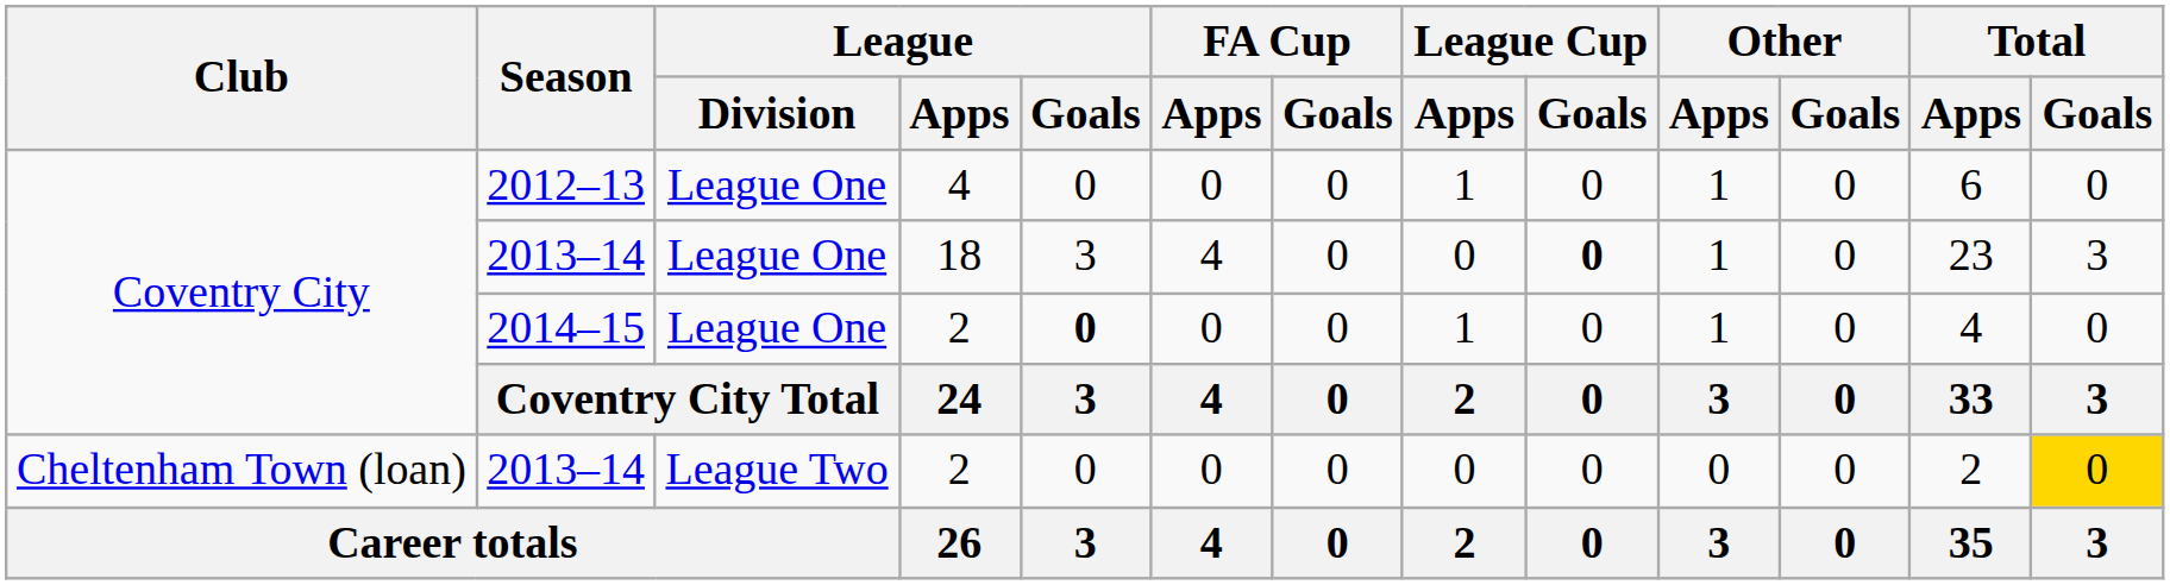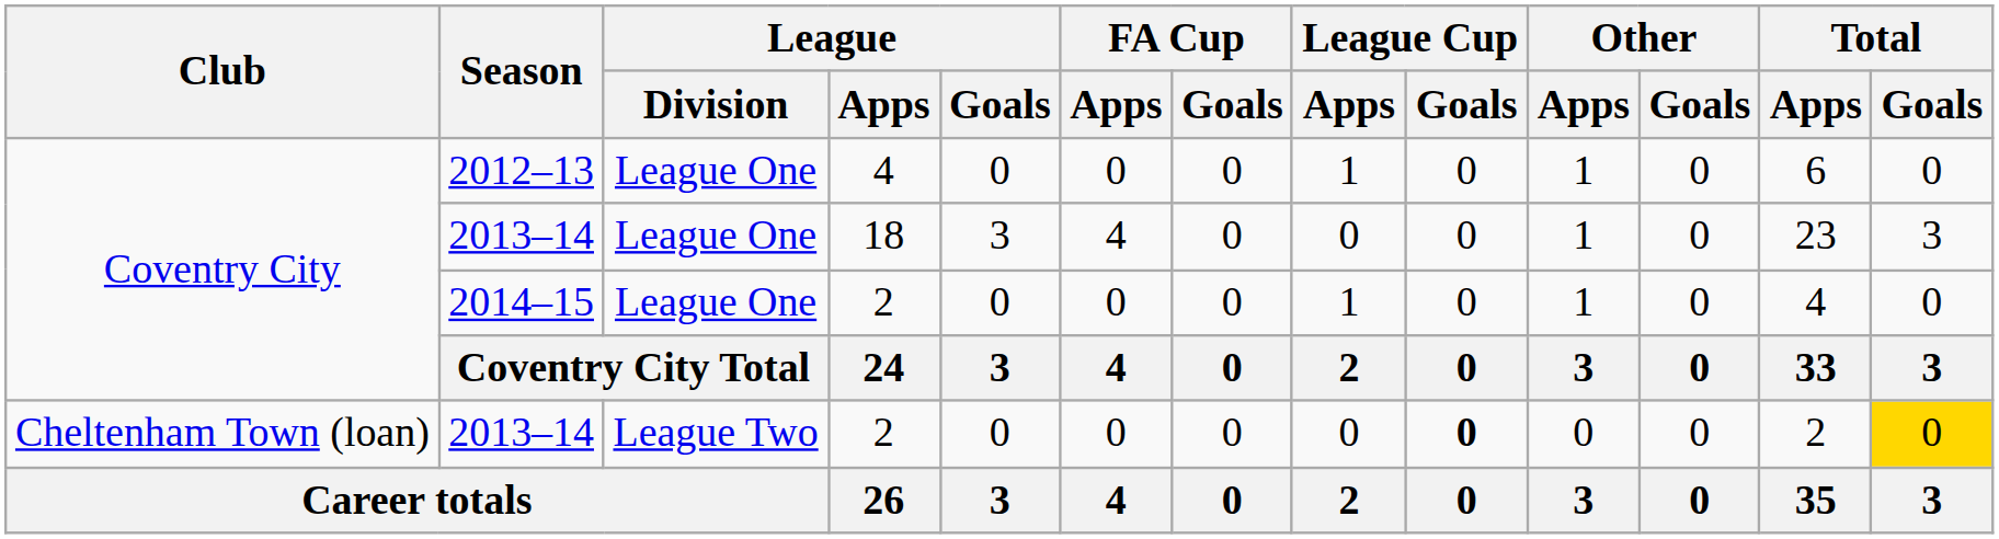 <table class="wikitable" style="text-align: center;">
 <tr>
 <th rowspan="2">Club</th>
 <th rowspan="2">Season</th>
 <th colspan="3">League</th>
 <th colspan="2">FA Cup</th>
 <th colspan="2">League Cup</th>
 <th colspan="2">Other</th>
 <th colspan="2">Total</th>
 </tr>
 <tr>
 <th>Division</th>
 <th>Apps</th>
 <th>Goals</th>
 <th>Apps</th>
 <th>Goals</th>
 <th>Apps</th>
 <th>Goals</th>
 <th>Apps</th>
 <th>Goals</th>
 <th>Apps</th>
 <th>Goals</th>
 </tr>
 <tr>
 <td rowspan="4" valign="center"><a href='#'>Coventry City</a></td>
 <td><a href='#'>2012–13</a></td>
 <td><a href='#'>League One</a></td>
 <td>4</td>
 <td>0</td>
 <td>0</td>
 <td>0</td>
 <td>1</td>
 <td>0</td>
 <td>1</td>
 <td>0</td>
 <td>6</td>
 <td>0</td>
 </tr>
 <tr>
 <td><a href='#'>2013–14</a></td>
 <td><a href='#'>League One</a></td>
 <td>18</td>
 <td>3</td>
 <td>4</td>
 <td>0</td>
 <td>0</td>
-<td><strong>0</strong></td>
+<td>0</td>
 <td>1</td>
 <td>0</td>
 <td>23</td>
 <td>3</td>
 </tr>
 <tr>
 <td><a href='#'>2014–15</a></td>
 <td><a href='#'>League One</a></td>
 <td>2</td>
-<td><strong>0</strong></td>
+<td>0</td>
 <td>0</td>
 <td>0</td>
 <td>1</td>
 <td>0</td>
 <td>1</td>
 <td>0</td>
 <td>4</td>
 <td>0</td>
 </tr>
 <tr>
 <th colspan="2">Coventry City Total</th>
 <th>24</th>
 <th>3</th>
 <th>4</th>
 <th>0</th>
 <th>2</th>
 <th>0</th>
 <th>3</th>
 <th>0</th>
 <th>33</th>
 <th>3</th>
 </tr>
 <tr>
 <td rowspan="1" valign="center"><a href='#'>Cheltenham Town</a> (loan)</td>
 <td><a href='#'>2013–14</a></td>
 <td><a href='#'>League Two</a></td>
 <td>2</td>
 <td>0</td>
 <td>0</td>
 <td>0</td>
 <td>0</td>
-<td>0</td>
+<td><strong>0</strong></td>
 <td>0</td>
 <td>0</td>
 <td>2</td>
 <td style="background: gold;">0</td>
 </tr>
 <tr>
 <th colspan="3">Career totals</th>
 <th>26</th>
 <th>3</th>
 <th>4</th>
 <th>0</th>
 <th>2</th>
 <th>0</th>
 <th>3</th>
 <th>0</th>
 <th>35</th>
 <th>3</th>
 </tr>
 </table>
